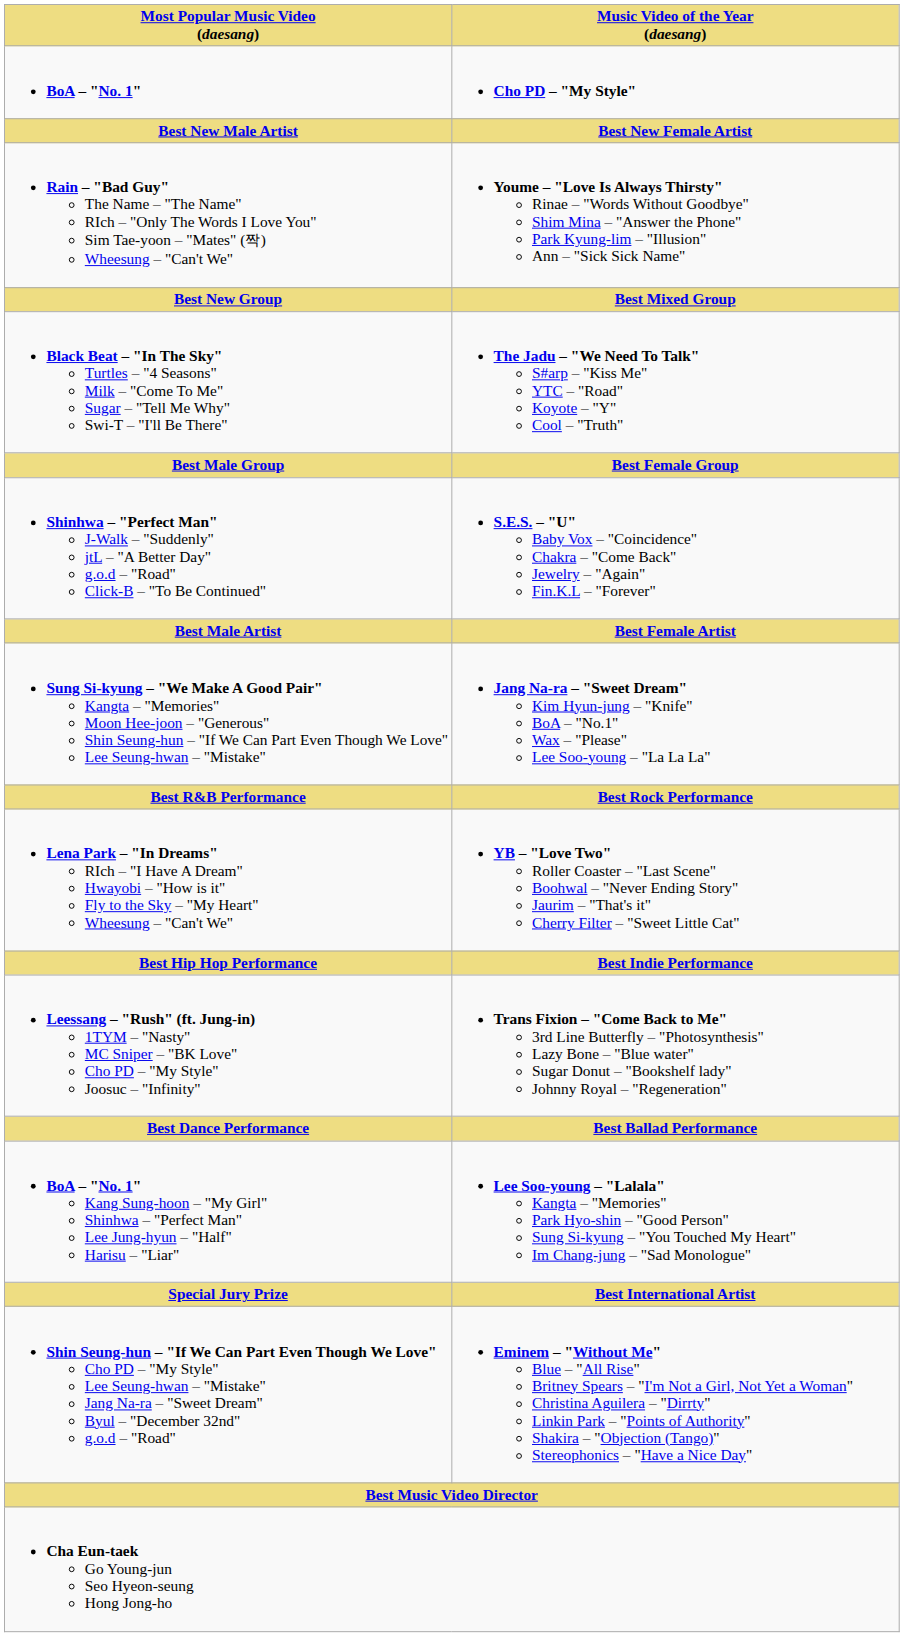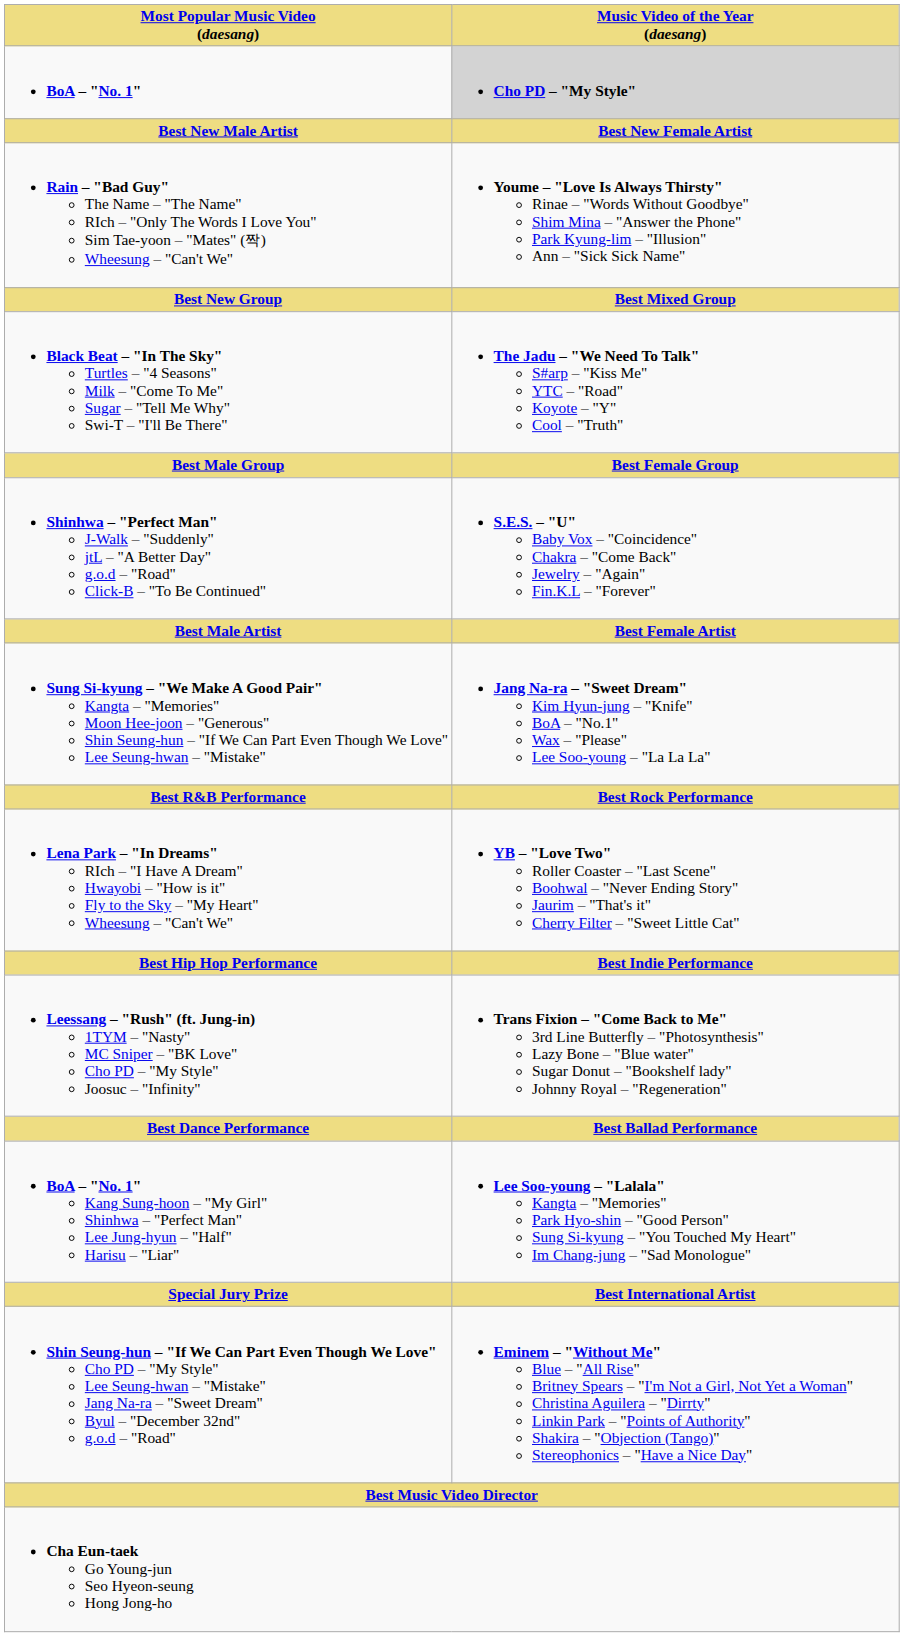 <table class="wikitable">
 <tr>
 <th style="background:#EEDD82; width:50%"><a href='#'>Most Popular Music Video</a><br>(<em>daesang</em>)</th>
 <th style="background:#EEDD82; width:50%"><a href='#'>Music Video of the Year</a><br>(<em>daesang</em>)</th>
 </tr>
 <tr>
 <td style="vertical-align:top"><br><ul><li><strong><a href='#'>BoA</a> – "<a href='#'>No. 1</a>"</strong></li></ul></td>
-<td style="vertical-align:top"><br><ul><li><strong><a href='#'>Cho PD</a> – "My Style"</strong></li></ul></td>
+<td style="background: lightgrey; vertical-align:top"><br><ul><li><strong><a href='#'>Cho PD</a> – "My Style"</strong></li></ul></td>
 </tr>
 <tr>
 <th style="background:#EEDD82; width:50%"><a href='#'>Best New Male Artist</a></th>
 <th style="background:#EEDD82; width:50%"><a href='#'>Best New Female Artist</a></th>
 </tr>
 <tr>
 <td style="vertical-align:top"><br><ul><li><strong><a href='#'>Rain</a> – "Bad Guy"</strong><ul><li>The Name – "The Name"</li><li>RIch – "Only The Words I Love You"</li><li>Sim Tae-yoon – "Mates" (짝)</li><li><a href='#'>Wheesung</a> – "Can't We"</li></ul></li></ul></td>
 <td style="vertical-align:top"><br><ul><li><strong>Youme – "Love Is Always Thirsty"</strong><ul><li>Rinae – "Words Without Goodbye"</li><li><a href='#'>Shim Mina</a> – "Answer the Phone"</li><li><a href='#'>Park Kyung-lim</a> – "Illusion"</li><li>Ann – "Sick Sick Name"</li></ul></li></ul></td>
 </tr>
 <tr>
 <th style="background:#EEDD82; width:50%"><a href='#'>Best New Group</a></th>
 <th style="background:#EEDD82; width:50%"><a href='#'>Best Mixed Group</a></th>
 </tr>
 <tr>
 <td style="vertical-align:top"><br><ul><li><strong><a href='#'>Black Beat</a> – "In The Sky"</strong><ul><li><a href='#'>Turtles</a> – "4 Seasons"</li><li><a href='#'>Milk</a> – "Come To Me"</li><li><a href='#'>Sugar</a> – "Tell Me Why"</li><li>Swi-T – "I'll Be There"</li></ul></li></ul></td>
 <td style="vertical-align:top"><br><ul><li><strong><a href='#'>The Jadu</a> – "We Need To Talk"</strong><ul><li><a href='#'>S#arp</a> – "Kiss Me"</li><li><a href='#'>YTC</a> – "Road"</li><li><a href='#'>Koyote</a> – "Y"</li><li><a href='#'>Cool</a> – "Truth"</li></ul></li></ul></td>
 </tr>
 <tr>
 <th style="background:#EEDD82; width:50%"><a href='#'>Best Male Group</a></th>
 <th style="background:#EEDD82; width:50%"><a href='#'>Best Female Group</a></th>
 </tr>
 <tr>
 <td style="vertical-align:top"><br><ul><li><strong><a href='#'>Shinhwa</a> – "Perfect Man"</strong><ul><li><a href='#'>J-Walk</a> – "Suddenly"</li><li><a href='#'>jtL</a> – "A Better Day"</li><li><a href='#'>g.o.d</a> – "Road"</li><li><a href='#'>Click-B</a> – "To Be Continued"</li></ul></li></ul></td>
 <td style="vertical-align:top"><br><ul><li><strong><a href='#'>S.E.S.</a> – "U"</strong><ul><li><a href='#'>Baby Vox</a> – "Coincidence"</li><li><a href='#'>Chakra</a> – "Come Back"</li><li><a href='#'>Jewelry</a> – "Again"</li><li><a href='#'>Fin.K.L</a> – "Forever"</li></ul></li></ul></td>
 </tr>
 <tr>
 <th style="background:#EEDD82; width:50%"><a href='#'>Best Male Artist</a></th>
 <th style="background:#EEDD82; width:50%"><a href='#'>Best Female Artist</a></th>
 </tr>
 <tr>
 <td style="vertical-align:top"><br><ul><li><strong><a href='#'>Sung Si-kyung</a> – "We Make A Good Pair"</strong><ul><li><a href='#'>Kangta</a> – "Memories"</li><li><a href='#'>Moon Hee-joon</a> – "Generous"</li><li><a href='#'>Shin Seung-hun</a> – "If We Can Part Even Though We Love"</li><li><a href='#'>Lee Seung-hwan</a> – "Mistake"</li></ul></li></ul></td>
 <td style="vertical-align:top"><br><ul><li><strong><a href='#'>Jang Na-ra</a> – "Sweet Dream"</strong><ul><li><a href='#'>Kim Hyun-jung</a> – "Knife"</li><li><a href='#'>BoA</a> – "No.1"</li><li><a href='#'>Wax</a> – "Please"</li><li><a href='#'>Lee Soo-young</a> – "La La La"</li></ul></li></ul></td>
 </tr>
 <tr>
 <th style="background:#EEDD82; width:50%"><a href='#'>Best R&B Performance</a></th>
 <th style="background:#EEDD82; width:50%"><a href='#'>Best Rock Performance</a></th>
 </tr>
 <tr>
 <td style="vertical-align:top"><br><ul><li><strong><a href='#'>Lena Park</a> – "In Dreams"</strong><ul><li>RIch – "I Have A Dream"</li><li><a href='#'>Hwayobi</a> – "How is it"</li><li><a href='#'>Fly to the Sky</a> – "My Heart"</li><li><a href='#'>Wheesung</a> – "Can't We"</li></ul></li></ul></td>
 <td style="vertical-align:top"><br><ul><li><strong><a href='#'>YB</a> – "Love Two"</strong><ul><li>Roller Coaster – "Last Scene"</li><li><a href='#'>Boohwal</a> – "Never Ending Story"</li><li><a href='#'>Jaurim</a> – "That's it"</li><li><a href='#'>Cherry Filter</a> – "Sweet Little Cat"</li></ul></li></ul></td>
 </tr>
 <tr>
 <th style="background:#EEDD82; width:50%"><a href='#'>Best Hip Hop Performance</a></th>
 <th style="background:#EEDD82; width:50%"><a href='#'>Best Indie Performance</a></th>
 </tr>
 <tr>
 <td style="vertical-align:top"><br><ul><li><strong><a href='#'>Leessang</a> – "Rush" (ft. Jung-in)</strong><ul><li><a href='#'>1TYM</a> – "Nasty"</li><li><a href='#'>MC Sniper</a> – "BK Love"</li><li><a href='#'>Cho PD</a> – "My Style"</li><li>Joosuc – "Infinity"</li></ul></li></ul></td>
 <td style="vertical-align:top"><br><ul><li><strong>Trans Fixion – "Come Back to Me"</strong><ul><li>3rd Line Butterfly – "Photosynthesis"</li><li>Lazy Bone – "Blue water"</li><li>Sugar Donut – "Bookshelf lady"</li><li>Johnny Royal – "Regeneration"</li></ul></li></ul></td>
 </tr>
 <tr>
 <th style="background:#EEDD82; width:50%"><a href='#'>Best Dance Performance</a></th>
 <th style="background:#EEDD82; width:50%"><a href='#'>Best Ballad Performance</a></th>
 </tr>
 <tr>
 <td style="vertical-align:top"><br><ul><li><strong><a href='#'>BoA</a> – "<a href='#'>No. 1</a>"</strong><ul><li><a href='#'>Kang Sung-hoon</a> – "My Girl"</li><li><a href='#'>Shinhwa</a> – "Perfect Man"</li><li><a href='#'>Lee Jung-hyun</a> – "Half"</li><li><a href='#'>Harisu</a> – "Liar"</li></ul></li></ul></td>
 <td style="vertical-align:top"><br><ul><li><strong><a href='#'>Lee Soo-young</a> – "Lalala"</strong><ul><li><a href='#'>Kangta</a> – "Memories"</li><li><a href='#'>Park Hyo-shin</a> – "Good Person"</li><li><a href='#'>Sung Si-kyung</a> – "You Touched My Heart"</li><li><a href='#'>Im Chang-jung</a> – "Sad Monologue"</li></ul></li></ul></td>
 </tr>
 <tr>
 <th style="background:#EEDD82; width:50%"><a href='#'>Special Jury Prize</a></th>
 <th style="background:#EEDD82; width:50%"><a href='#'>Best International Artist</a></th>
 </tr>
 <tr>
 <td style="vertical-align:top"><br><ul><li><strong><a href='#'>Shin Seung-hun</a> – "If We Can Part Even Though We Love"</strong><ul><li><a href='#'>Cho PD</a> – "My Style"</li><li><a href='#'>Lee Seung-hwan</a> – "Mistake"</li><li><a href='#'>Jang Na-ra</a> – "Sweet Dream"</li><li><a href='#'>Byul</a> – "December 32nd"</li><li><a href='#'>g.o.d</a> – "Road"</li></ul></li></ul></td>
 <td style="vertical-align:top"><br><ul><li><strong><a href='#'>Eminem</a> – "<a href='#'>Without Me</a>"</strong><ul><li><a href='#'>Blue</a> – "<a href='#'>All Rise</a>"</li><li><a href='#'>Britney Spears</a> – "<a href='#'>I'm Not a Girl, Not Yet a Woman</a>"</li><li><a href='#'>Christina Aguilera</a> – "<a href='#'>Dirrty</a>"</li><li><a href='#'>Linkin Park</a> – "<a href='#'>Points of Authority</a>"</li><li><a href='#'>Shakira</a> – "<a href='#'>Objection (Tango)</a>"</li><li><a href='#'>Stereophonics</a> – "<a href='#'>Have a Nice Day</a>"</li></ul></li></ul></td>
 </tr>
 <tr>
 <th colspan="2" style="background:#EEDD82; width:50%"><a href='#'>Best Music Video Director</a></th>
 </tr>
 <tr>
 <td colspan="2"><br><ul><li><strong>Cha Eun-taek</strong><ul><li>Go Young-jun</li><li>Seo Hyeon-seung</li><li>Hong Jong-ho</li></ul></li></ul></td>
 </tr>
 </table>
